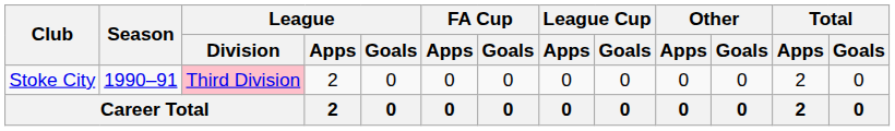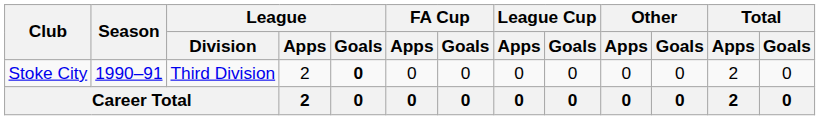 <table class="wikitable" style="text-align: center;">
 <tr>
 <th rowspan="2">Club</th>
 <th rowspan="2">Season</th>
 <th colspan="3">League</th>
 <th colspan="2">FA Cup</th>
 <th colspan="2">League Cup</th>
 <th colspan="2">Other</th>
 <th colspan="2">Total</th>
 </tr>
 <tr>
 <th>Division</th>
 <th>Apps</th>
 <th>Goals</th>
 <th>Apps</th>
 <th>Goals</th>
 <th>Apps</th>
 <th>Goals</th>
 <th>Apps</th>
 <th>Goals</th>
 <th>Apps</th>
 <th>Goals</th>
 </tr>
 <tr>
 <td><a href='#'>Stoke City</a></td>
 <td><a href='#'>1990–91</a></td>
-<td style="background: pink;"><a href='#'>Third Division</a></td>
+<td><a href='#'>Third Division</a></td>
 <td>2</td>
-<td>0</td>
+<td><strong>0</strong></td>
 <td>0</td>
 <td>0</td>
 <td>0</td>
 <td>0</td>
 <td>0</td>
 <td>0</td>
 <td>2</td>
 <td>0</td>
 </tr>
 <tr>
 <th colspan=3>Career Total</th>
 <th>2</th>
 <th>0</th>
 <th>0</th>
 <th>0</th>
 <th>0</th>
 <th>0</th>
 <th>0</th>
 <th>0</th>
 <th>2</th>
 <th>0</th>
 </tr>
 </table>
